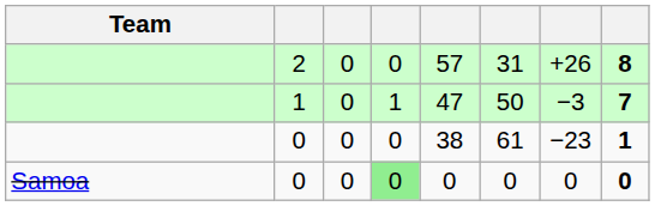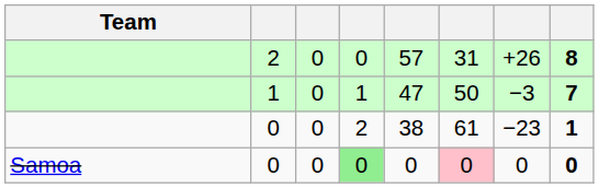 <table class="wikitable" style="text-align:center;">
 <tr>
 <th style="width:10.5em;">Team</th>
 <th style="width:1.5em;"></th>
 <th style="width:1.5em;"></th>
 <th style="width:1.5em;"></th>
 <th style="width:2.0em;"></th>
 <th style="width:2.0em;"></th>
 <th style="width:2.0em;"></th>
 <th style="width:1.5em;"></th>
 </tr>
 <tr bgcolor=#cfc>
 <td align="left"></td>
 <td>2</td>
 <td>0</td>
 <td>0</td>
 <td>57</td>
 <td>31</td>
 <td>+26</td>
 <td><strong>8</strong></td>
 </tr>
 <tr bgcolor=#cfc>
 <td align="left"></td>
 <td>1</td>
 <td>0</td>
 <td>1</td>
 <td>47</td>
 <td>50</td>
 <td>−3</td>
 <td><strong>7</strong></td>
 </tr>
 <tr>
 <td align="left"></td>
 <td>0</td>
 <td>0</td>
-<td>0</td>
+<td>2</td>
 <td>38</td>
 <td>61</td>
 <td>−23</td>
 <td><strong>1</strong></td>
 </tr>
 <tr>
 <td align="left"><s><a href='#'>Samoa</a></s></td>
 <td>0</td>
 <td>0</td>
 <td style="background: lightgreen;">0</td>
 <td>0</td>
-<td>0</td>
+<td style="background: pink;">0</td>
 <td>0</td>
 <td><strong>0</strong></td>
 </tr>
 </table>
